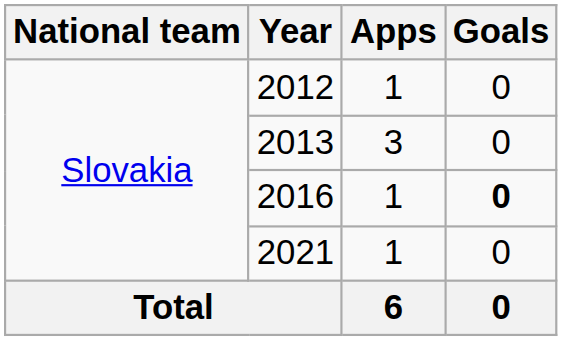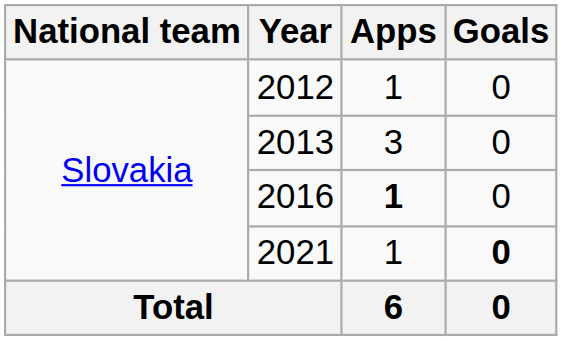 <table class=wikitable style=text-align:center>
 <tr>
 <th>National team</th>
 <th>Year</th>
 <th>Apps</th>
 <th>Goals</th>
 </tr>
 <tr>
 <td rowspan="4"><a href='#'>Slovakia</a></td>
 <td>2012</td>
 <td>1</td>
 <td>0</td>
 </tr>
 <tr>
 <td>2013</td>
 <td>3</td>
 <td>0</td>
 </tr>
 <tr>
 <td>2016</td>
-<td>1</td>
-<td><strong>0</strong></td>
+<td><strong>1</strong></td>
+<td>0</td>
 </tr>
 <tr>
 <td>2021</td>
 <td>1</td>
-<td>0</td>
+<td><strong>0</strong></td>
 </tr>
 <tr>
 <th colspan="2">Total</th>
 <th>6</th>
 <th>0</th>
 </tr>
 </table>
